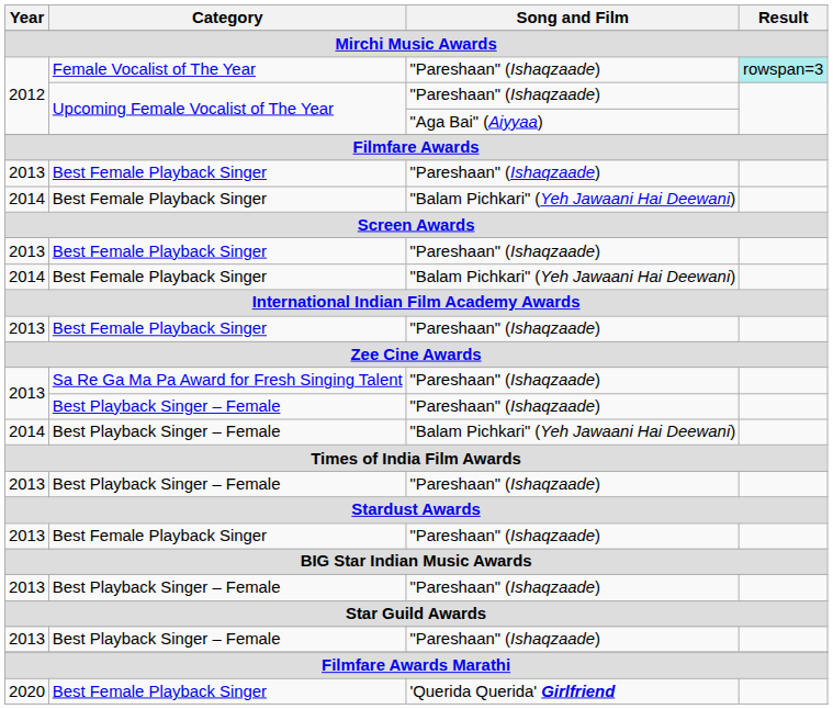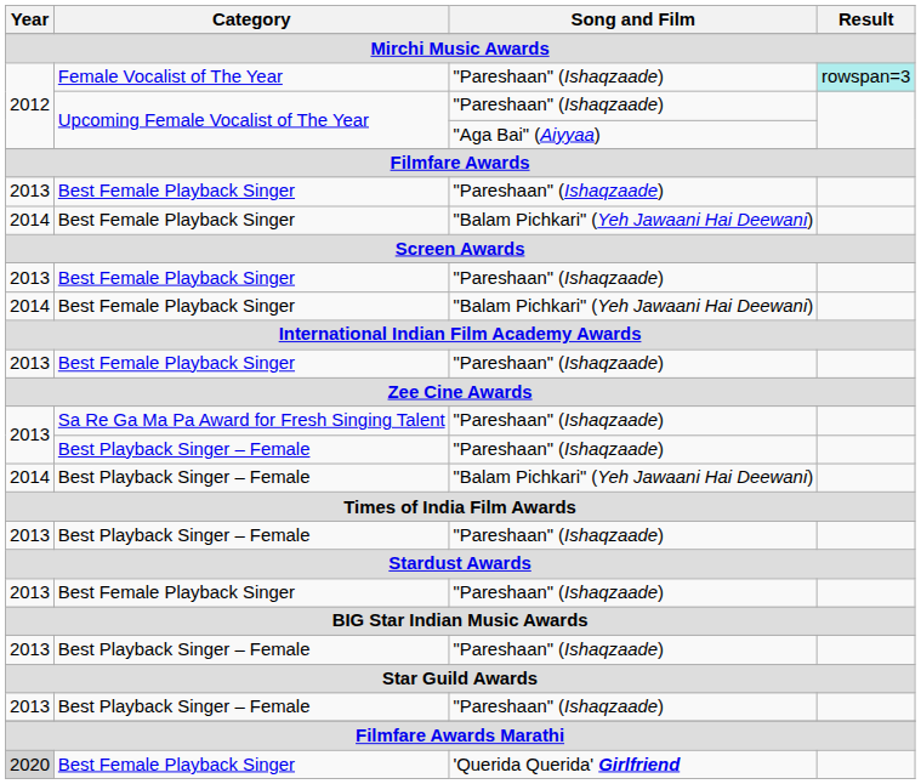 <table class="wikitable sortable">
 <tr>
 <th>Year</th>
 <th>Category</th>
 <th>Song and Film</th>
 <th>Result</th>
 </tr>
 <tr>
 </tr>
 <tr style="background:#ddd; ">
 <td colspan="5" style="text-align: center; "><strong><a href='#'>Mirchi Music Awards</a></strong></td>
 </tr>
 <tr>
 <td rowspan=3>2012</td>
 <td><a href='#'>Female Vocalist of The Year</a></td>
 <td>"Pareshaan" (<em>Ishaqzaade</em>)</td>
 <td style="background: paleturquoise;">rowspan=3 </td>
 </tr>
 <tr>
 <td rowspan=2><a href='#'>Upcoming Female Vocalist of The Year</a></td>
 <td>"Pareshaan" (<em>Ishaqzaade</em>)</td>
 </tr>
 <tr>
 <td>"Aga Bai" (<em><a href='#'>Aiyyaa</a></em>)</td>
 </tr>
 <tr>
 </tr>
 <tr style="background:#ddd; ">
 <td colspan="5" style="text-align: center; "><strong><a href='#'>Filmfare Awards</a></strong></td>
 </tr>
 <tr>
 <td>2013</td>
 <td><a href='#'>Best Female Playback Singer</a></td>
 <td>"Pareshaan" (<em><a href='#'>Ishaqzaade</a></em>)</td>
 <td></td>
 </tr>
 <tr>
 <td>2014</td>
 <td>Best Female Playback Singer</td>
 <td>"Balam Pichkari" (<em><a href='#'>Yeh Jawaani Hai Deewani</a></em>)</td>
 <td></td>
 </tr>
 <tr style="background:#ddd; ">
 <td colspan="5" style="text-align: center; "><strong><a href='#'>Screen Awards</a></strong></td>
 </tr>
 <tr>
 <td>2013</td>
 <td><a href='#'>Best Female Playback Singer</a></td>
 <td>"Pareshaan" (<em>Ishaqzaade</em>)</td>
 <td></td>
 </tr>
 <tr>
 <td>2014</td>
 <td>Best Female Playback Singer</td>
 <td>"Balam Pichkari" (<em>Yeh Jawaani Hai Deewani</em>)</td>
 <td></td>
 </tr>
 <tr style="background:#ddd; ">
 <td colspan="5" style="text-align: center; "><strong><a href='#'>International Indian Film Academy Awards</a></strong></td>
 </tr>
 <tr>
 <td>2013</td>
 <td><a href='#'>Best Female Playback Singer</a></td>
 <td>"Pareshaan" (<em>Ishaqzaade</em>)</td>
 <td></td>
 </tr>
 <tr style="background:#ddd; ">
 <td colspan="5" style="text-align: center; "><strong><a href='#'>Zee Cine Awards</a></strong></td>
 </tr>
 <tr>
 <td rowspan=2>2013</td>
 <td><a href='#'>Sa Re Ga Ma Pa Award for Fresh Singing Talent</a></td>
 <td>"Pareshaan" (<em>Ishaqzaade</em>)</td>
 <td></td>
 </tr>
 <tr>
 <td><a href='#'>Best Playback Singer – Female</a></td>
 <td>"Pareshaan" (<em>Ishaqzaade</em>)</td>
 <td></td>
 </tr>
 <tr>
 <td rowspan=1>2014</td>
 <td>Best Playback Singer – Female</td>
 <td>"Balam Pichkari" (<em>Yeh Jawaani Hai Deewani</em>)</td>
 <td></td>
 </tr>
 <tr style="background:#ddd; ">
 <td colspan="5" style="text-align: center; "><strong>Times of India Film Awards</strong></td>
 </tr>
 <tr>
 <td>2013</td>
 <td>Best Playback Singer – Female</td>
 <td>"Pareshaan" (<em>Ishaqzaade</em>)</td>
 <td></td>
 </tr>
 <tr style="background:#ddd; ">
 <td colspan="5" style="text-align: center; "><strong><a href='#'>Stardust Awards</a></strong></td>
 </tr>
 <tr>
 <td>2013</td>
 <td>Best Female Playback Singer</td>
 <td>"Pareshaan" (<em>Ishaqzaade</em>)</td>
 <td></td>
 </tr>
 <tr style="background:#ddd; ">
 <td colspan="5" style="text-align: center; "><strong>BIG Star Indian Music Awards</strong></td>
 </tr>
 <tr>
 <td>2013</td>
 <td>Best Playback Singer – Female</td>
 <td>"Pareshaan" (<em>Ishaqzaade</em>)</td>
 <td></td>
 </tr>
 <tr style="background:#ddd; ">
 <td colspan="5" style="text-align: center; "><strong>Star Guild Awards</strong></td>
 </tr>
 <tr>
 <td>2013</td>
 <td>Best Playback Singer – Female</td>
 <td>"Pareshaan" (<em>Ishaqzaade</em>)</td>
 <td></td>
 </tr>
 <tr>
 </tr>
 <tr style="background:#ddd; ">
 <td colspan="5" style="text-align: center; "><strong><a href='#'>Filmfare Awards Marathi</a></strong></td>
 </tr>
 <tr>
-<td>2020</td>
+<td style="background: lightgrey;">2020</td>
 <td><a href='#'>Best Female Playback Singer</a></td>
 <td>'Querida Querida' <strong><em><a href='#'>Girlfriend</a></em></strong></td>
 <td></td>
 </tr>
 </table>
